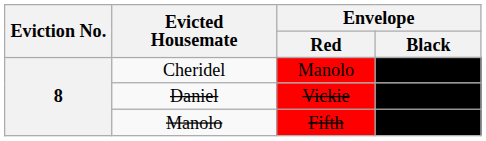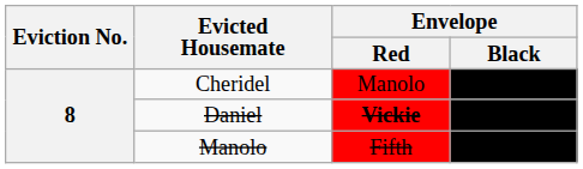 <table class="wikitable" style="text-align:center; font-size:90%; line-height:14px;" width="30%">
 <tr>
 <th rowspan="2" width="05%">Eviction No.</th>
 <th rowspan="2" width="10%">Evicted<br>Housemate</th>
 <th colspan="3" width="15%">Envelope</th>
 </tr>
 <tr>
 <th width="05%">Red</th>
 <th width="05%">Black</th>
 </tr>
 <tr>
 <th rowspan="3">8</th>
 <td>Cheridel</td>
 <td style="background:red;"><span>Manolo</span></td>
 <td style="background:black;"><span>Fifth</span></td>
 </tr>
 <tr>
 <td><s>Daniel</s></td>
-<td style="background:red;"><span><s>Vickie</s></span></td>
+<td style="background:red;"><strong><span><s>Vickie</s></span></strong></td>
 <td style="background:black;"><span><s>Cheridel</s></span></td>
 </tr>
 <tr>
 <td><s>Manolo</s></td>
 <td style="background:red;"><span><s>Fifth</s></span></td>
 <td style="background:black;"><span><s>Jane</s></span></td>
 </tr>
 </table>
